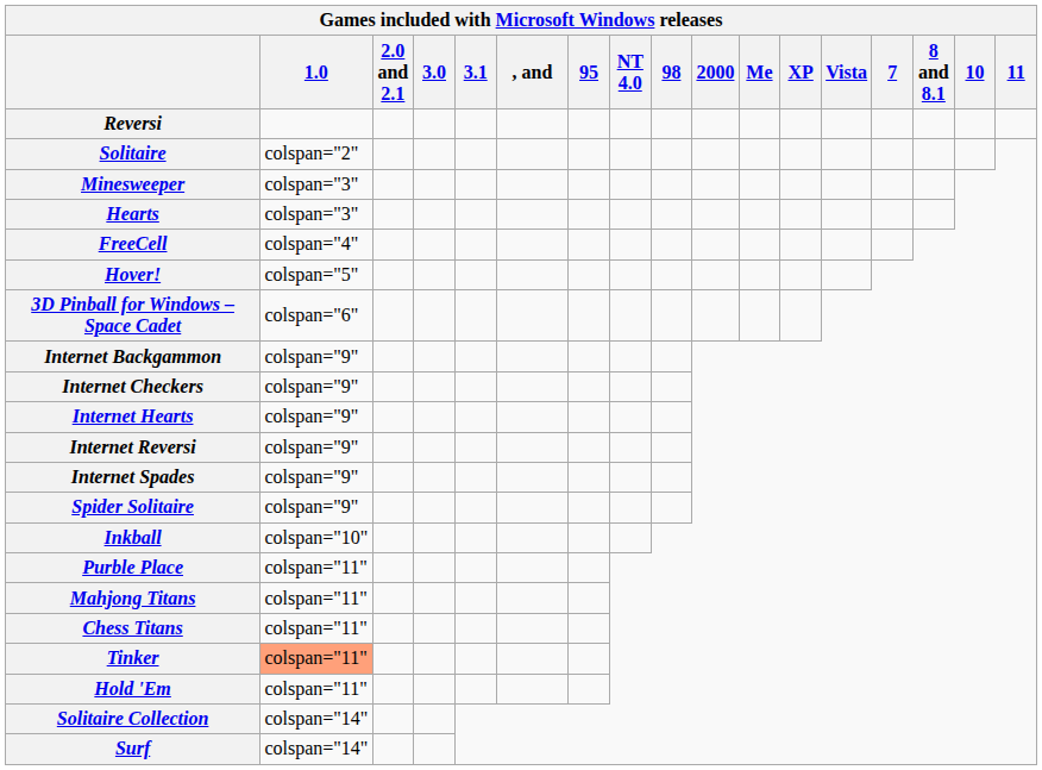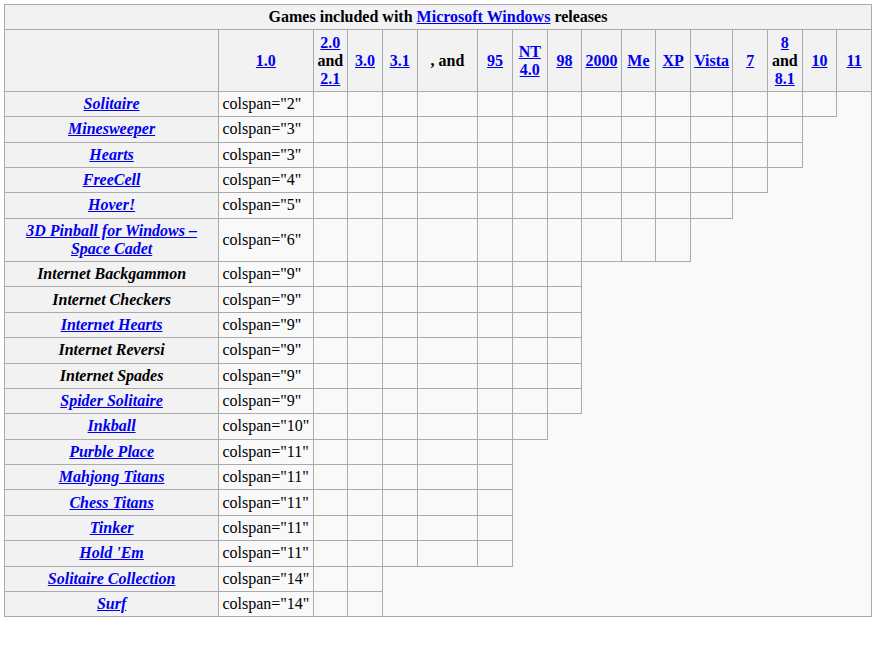 <table class="wikitable">
 <tr>
 <th scope="col" colspan="17" style="text-align:center;">Games included with <a href='#'>Microsoft Windows</a> releases</th>
 </tr>
 <tr>
 <th style="min-width: 150px;"></th>
 <th style="width: 4%;"><a href='#'>1.0</a></th>
 <th style="width: 4%;"><a href='#'>2.0</a> and <a href='#'>2.1</a></th>
 <th style="width: 4%;"><a href='#'>3.0</a></th>
 <th style="width: 4%;"><a href='#'>3.1</a></th>
 <th style="width: 7%;">,  and </th>
 <th style="width: 4%;"><a href='#'>95</a></th>
 <th style="width: 4%;"><a href='#'>NT 4.0</a></th>
 <th style="width: 4%;"><a href='#'>98</a></th>
 <th style="width: 4%;"><a href='#'>2000</a></th>
 <th style="width: 4%;"><a href='#'>Me</a></th>
 <th style="width: 4%;"><a href='#'>XP</a></th>
 <th style="width: 4%;"><a href='#'>Vista</a></th>
 <th style="width: 4%;"><a href='#'>7</a></th>
 <th style="width: 4%;"><a href='#'>8</a> and <a href='#'>8.1</a></th>
 <th style="width: 4%;"><a href='#'>10</a></th>
 <th style="width: 4%;"><a href='#'>11</a></th>
-</tr>
-<tr>
-<th><em>Reversi</em></th>
-<td></td>
-<td></td>
-<td></td>
-<td></td>
-<td></td>
-<td></td>
-<td></td>
-<td></td>
-<td></td>
-<td></td>
-<td></td>
-<td></td>
-<td></td>
-<td></td>
-<td></td>
-<td></td>
 </tr>
 <tr>
 <th><em><a href='#'>Solitaire</a></em></th>
 <td>colspan="2" </td>
 <td></td>
 <td></td>
 <td></td>
 <td></td>
 <td></td>
 <td></td>
 <td></td>
 <td></td>
 <td></td>
 <td></td>
 <td></td>
 <td></td>
 <td></td>
 <td></td>
 </tr>
 <tr>
 <th><em><a href='#'>Minesweeper</a></em></th>
 <td>colspan="3" </td>
 <td></td>
 <td></td>
 <td></td>
 <td></td>
 <td></td>
 <td></td>
 <td></td>
 <td></td>
 <td></td>
 <td></td>
 <td></td>
 <td></td>
 <td></td>
 </tr>
 <tr>
 <th><em><a href='#'>Hearts</a></em></th>
 <td>colspan="3" </td>
 <td></td>
 <td></td>
 <td></td>
 <td></td>
 <td></td>
 <td></td>
 <td></td>
 <td></td>
 <td></td>
 <td></td>
 <td></td>
 <td></td>
 <td></td>
 </tr>
 <tr>
 <th><em><a href='#'>FreeCell</a></em></th>
 <td>colspan="4" </td>
 <td></td>
 <td></td>
 <td></td>
 <td></td>
 <td></td>
 <td></td>
 <td></td>
 <td></td>
 <td></td>
 <td></td>
 <td></td>
 <td></td>
 </tr>
 <tr>
 <th><em><a href='#'>Hover!</a></em></th>
 <td>colspan="5" </td>
 <td></td>
 <td></td>
 <td></td>
 <td></td>
 <td></td>
 <td></td>
 <td></td>
 <td></td>
 <td></td>
 <td></td>
 <td></td>
 </tr>
 <tr>
 <th><em><a href='#'>3D Pinball for Windows – Space Cadet</a></em></th>
 <td>colspan="6" </td>
 <td></td>
 <td></td>
 <td></td>
 <td></td>
 <td></td>
 <td></td>
 <td></td>
 <td></td>
 <td></td>
 <td></td>
 </tr>
 <tr>
 <th><em>Internet Backgammon</em></th>
 <td>colspan="9" </td>
 <td></td>
 <td></td>
 <td></td>
 <td></td>
 <td></td>
 <td></td>
 <td></td>
 </tr>
 <tr>
 <th><em>Internet Checkers</em></th>
 <td>colspan="9" </td>
 <td></td>
 <td></td>
 <td></td>
 <td></td>
 <td></td>
 <td></td>
 <td></td>
 </tr>
 <tr>
 <th><em><a href='#'>Internet Hearts</a></em></th>
 <td>colspan="9" </td>
 <td></td>
 <td></td>
 <td></td>
 <td></td>
 <td></td>
 <td></td>
 <td></td>
 </tr>
 <tr>
 <th><em>Internet Reversi</em></th>
 <td>colspan="9" </td>
 <td></td>
 <td></td>
 <td></td>
 <td></td>
 <td></td>
 <td></td>
 <td></td>
 </tr>
 <tr>
 <th><em>Internet Spades</em></th>
 <td>colspan="9" </td>
 <td></td>
 <td></td>
 <td></td>
 <td></td>
 <td></td>
 <td></td>
 <td></td>
 </tr>
 <tr>
 <th><em><a href='#'>Spider Solitaire</a></em></th>
 <td>colspan="9" </td>
 <td></td>
 <td></td>
 <td></td>
 <td></td>
 <td></td>
 <td></td>
 <td></td>
 </tr>
 <tr>
 <th><em><a href='#'>Inkball</a></em></th>
 <td>colspan="10" </td>
 <td></td>
 <td></td>
 <td></td>
 <td></td>
 <td></td>
 <td></td>
 </tr>
 <tr>
 <th><em><a href='#'>Purble Place</a></em></th>
 <td>colspan="11" </td>
 <td></td>
 <td></td>
 <td></td>
 <td></td>
 <td></td>
 </tr>
 <tr>
 <th><em><a href='#'>Mahjong Titans</a></em></th>
 <td>colspan="11" </td>
 <td></td>
 <td></td>
 <td></td>
 <td></td>
 <td></td>
 </tr>
 <tr>
 <th><em><a href='#'>Chess Titans</a></em></th>
 <td>colspan="11" </td>
 <td></td>
 <td></td>
 <td></td>
 <td></td>
 <td></td>
 </tr>
 <tr>
 <th><em><a href='#'>Tinker</a></em></th>
-<td style="background: lightsalmon;">colspan="11" </td>
+<td>colspan="11" </td>
 <td></td>
 <td></td>
 <td></td>
 <td></td>
 <td></td>
 </tr>
 <tr>
 <th><em><a href='#'>Hold 'Em</a></em></th>
 <td>colspan="11" </td>
 <td></td>
 <td></td>
 <td></td>
 <td></td>
 <td></td>
 </tr>
 <tr>
 <th><em><a href='#'>Solitaire Collection</a></em></th>
 <td>colspan="14" </td>
 <td></td>
 <td></td>
 </tr>
 <tr>
 <th><em><a href='#'>Surf</a></em></th>
 <td>colspan="14" </td>
 <td></td>
 <td></td>
 </tr>
 </table>
